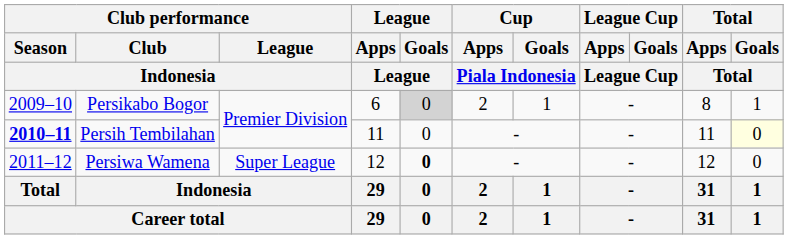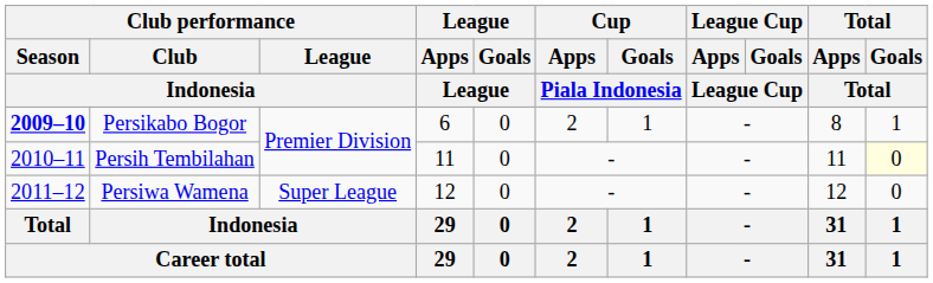 <table class="wikitable" style="text-align:center;">
 <tr>
 <th colspan=3>Club performance</th>
 <th colspan=2>League</th>
 <th colspan=2>Cup</th>
 <th colspan=2>League Cup</th>
 <th colspan=2>Total</th>
 </tr>
 <tr>
 <th>Season</th>
 <th>Club</th>
 <th>League</th>
 <th>Apps</th>
 <th>Goals</th>
 <th>Apps</th>
 <th>Goals</th>
 <th>Apps</th>
 <th>Goals</th>
 <th>Apps</th>
 <th>Goals</th>
 </tr>
 <tr>
 <th colspan=3>Indonesia</th>
 <th colspan=2>League</th>
 <th colspan=2><a href='#'>Piala Indonesia</a></th>
 <th colspan=2>League Cup</th>
 <th colspan=2>Total</th>
 </tr>
 <tr>
-<td><a href='#'>2009–10</a></td>
+<td><strong><a href='#'>2009–10</a></strong></td>
 <td rowspan="1"><a href='#'>Persikabo Bogor</a></td>
 <td rowspan="2"><a href='#'>Premier Division</a></td>
 <td>6</td>
-<td style="background: lightgrey;">0</td>
+<td>0</td>
 <td>2</td>
 <td>1</td>
 <td colspan="2">-</td>
 <td>8</td>
 <td>1</td>
 </tr>
 <tr>
-<td><strong><a href='#'>2010–11</a></strong></td>
+<td><a href='#'>2010–11</a></td>
 <td rowspan="1"><a href='#'>Persih Tembilahan</a></td>
 <td>11</td>
 <td>0</td>
 <td colspan="2">-</td>
 <td colspan="2">-</td>
 <td>11</td>
 <td style="background: lightyellow;">0</td>
 </tr>
 <tr>
 <td><a href='#'>2011–12</a></td>
 <td rowspan="1"><a href='#'>Persiwa Wamena</a></td>
 <td rowspan="1"><a href='#'>Super League</a></td>
 <td>12</td>
-<td><strong>0</strong></td>
+<td>0</td>
 <td colspan="2">-</td>
 <td colspan="2">-</td>
 <td>12</td>
 <td>0</td>
 </tr>
 <tr>
 <th rowspan=1>Total</th>
 <th colspan=2>Indonesia</th>
 <th>29</th>
 <th>0</th>
 <th>2</th>
 <th>1</th>
 <th colspan="2">-</th>
 <th>31</th>
 <th>1</th>
 </tr>
 <tr>
 <th colspan=3>Career total</th>
 <th>29</th>
 <th>0</th>
 <th>2</th>
 <th>1</th>
 <th colspan="2">-</th>
 <th>31</th>
 <th>1</th>
 </tr>
 </table>
